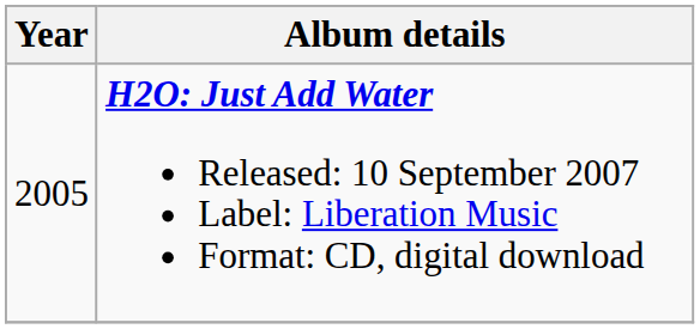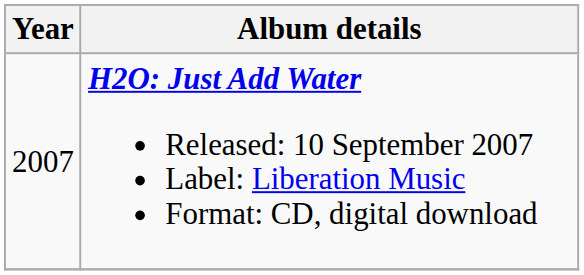 <table class="wikitable">
 <tr>
 <th rowspan="1">Year</th>
 <th rowspan="1" width="250">Album details</th>
 </tr>
 <tr>
-<td>2005</td>
+<td>2007</td>
 <td align="left"><strong><em><a href='#'>H2O: Just Add Water</a></em></strong><br><ul><li>Released: 10 September 2007</li><li>Label: <a href='#'>Liberation Music</a></li><li>Format: CD, digital download</li></ul></td>
 </tr>
 <tr>
 </tr>
 </table>
